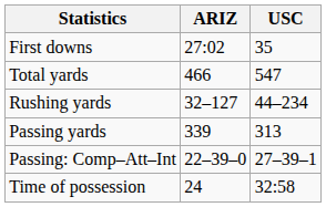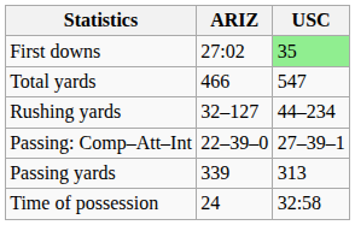 <table class="wikitable" style="float: left;">
 <tr>
 <th>Statistics</th>
 <th>ARIZ</th>
 <th>USC</th>
 </tr>
 <tr>
 <td>First downs</td>
 <td>27:02</td>
-<td>35</td>
+<td style="background: lightgreen;">35</td>
 </tr>
 <tr>
 <td>Total yards</td>
 <td>466</td>
 <td>547</td>
 </tr>
 <tr>
 <td>Rushing yards</td>
 <td>32–127</td>
 <td>44–234</td>
 </tr>
 <tr>
+<td>Passing: Comp–Att–Int</td>
+<td>22–39–0</td>
+<td>27–39–1</td>
+</tr>
+<tr>
 <td>Passing yards</td>
 <td>339</td>
 <td>313</td>
-</tr>
-<tr>
-<td>Passing: Comp–Att–Int</td>
-<td>22–39–0</td>
-<td>27–39–1</td>
 </tr>
 <tr>
 <td>Time of possession</td>
 <td>24</td>
 <td>32:58</td>
 </tr>
 <tr>
 </tr>
 </table>
